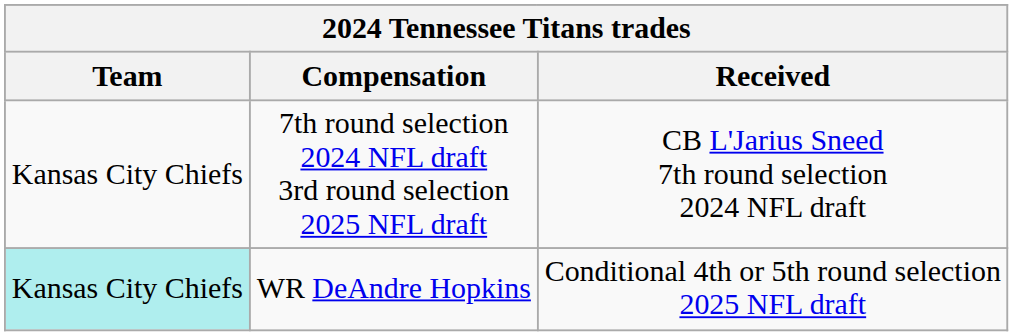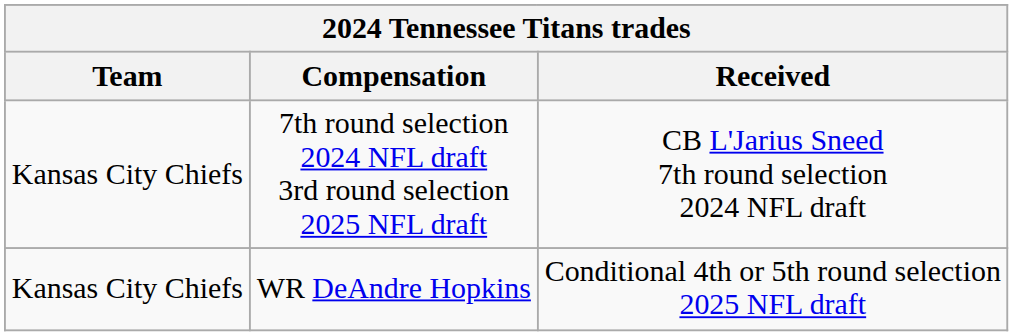 <table class="wikitable" style="text-align:center">
 <tr>
 <th colspan=3>2024 Tennessee Titans trades</th>
 </tr>
 <tr>
 <th>Team</th>
 <th>Compensation</th>
 <th>Received</th>
 </tr>
 <tr>
 <td>Kansas City Chiefs</td>
 <td>7th round selection<br><a href='#'>2024 NFL draft</a><br>3rd round selection<br><a href='#'>2025 NFL draft</a></td>
 <td>CB <a href='#'>L'Jarius Sneed</a><br>7th round selection<br>2024 NFL draft</td>
 </tr>
 <tr>
-<td style="background: paleturquoise;">Kansas City Chiefs</td>
+<td>Kansas City Chiefs</td>
 <td>WR <a href='#'>DeAndre Hopkins</a></td>
 <td>Conditional 4th or 5th round selection<br><a href='#'>2025 NFL draft</a></td>
 </tr>
 </table>
